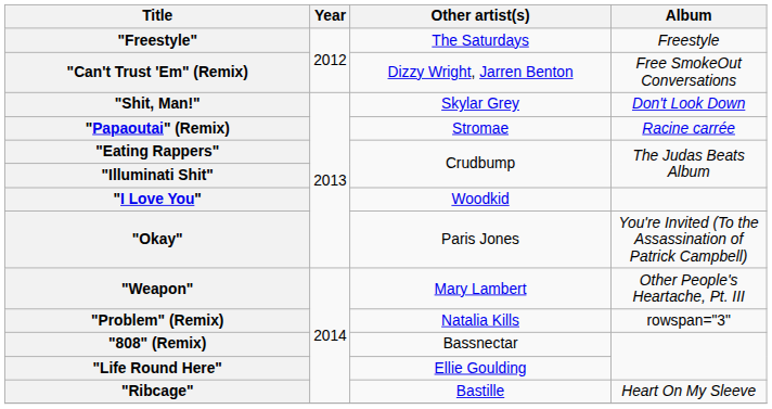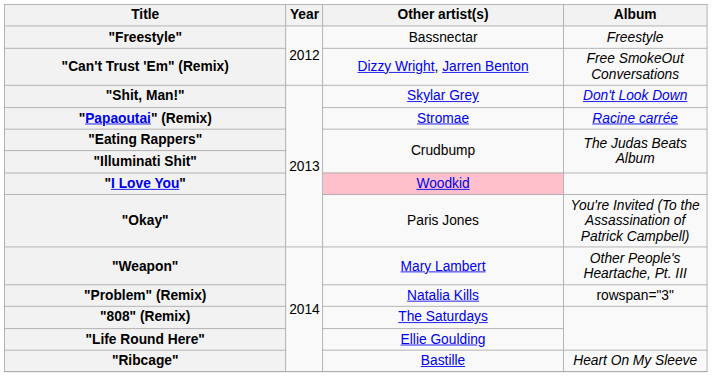 <table class="wikitable plainrowheaders" style="text-align:center;">
 <tr>
 <th scope="col" style="width:20em;">Title</th>
 <th scope="col" style="width:1em;">Year</th>
 <th scope="col" style="width:17em;">Other artist(s)</th>
 <th scope="col" style="width:10em;">Album</th>
 </tr>
 <tr>
 <th scope="row">"Freestyle"</th>
 <td rowspan="2">2012</td>
-<td><a href='#'>The Saturdays</a></td>
+<td>Bassnectar</td>
 <td><em>Freestyle</em></td>
 </tr>
 <tr>
 <th scope="row">"Can't Trust 'Em" (Remix)</th>
 <td><a href='#'>Dizzy Wright</a>, <a href='#'>Jarren Benton</a></td>
 <td><em>Free SmokeOut Conversations</em></td>
 </tr>
 <tr>
 <th scope="row">"Shit, Man!"</th>
 <td rowspan="6">2013</td>
 <td><a href='#'>Skylar Grey</a></td>
 <td><em><a href='#'>Don't Look Down</a></em></td>
 </tr>
 <tr>
 <th scope="row">"<a href='#'>Papaoutai</a>" (Remix)</th>
 <td><a href='#'>Stromae</a></td>
 <td><em><a href='#'>Racine carrée</a></em></td>
 </tr>
 <tr>
 <th scope="row">"Eating Rappers"</th>
 <td rowspan="2">Crudbump</td>
 <td rowspan="2"><em>The Judas Beats Album</em></td>
 </tr>
 <tr>
 <th scope="row">"Illuminati Shit"</th>
 </tr>
 <tr>
 <th scope="row">"<a href='#'>I Love You</a>"</th>
-<td><a href='#'>Woodkid</a></td>
+<td style="background: pink;"><a href='#'>Woodkid</a></td>
 <td></td>
 </tr>
 <tr>
 <th scope="row">"Okay"</th>
 <td>Paris Jones</td>
 <td><em>You're Invited (To the Assassination of Patrick Campbell)</em></td>
 </tr>
 <tr>
 <th scope="row">"Weapon"</th>
 <td rowspan="5">2014</td>
 <td><a href='#'>Mary Lambert</a></td>
 <td><em>Other People's Heartache, Pt. III</em></td>
 </tr>
 <tr>
 <th scope="row">"Problem" (Remix)</th>
 <td><a href='#'>Natalia Kills</a></td>
 <td>rowspan="3" </td>
 </tr>
 <tr>
 <th scope="row">"808" (Remix)</th>
-<td>Bassnectar</td>
+<td><a href='#'>The Saturdays</a></td>
 </tr>
 <tr>
 <th scope="row">"Life Round Here"</th>
 <td><a href='#'>Ellie Goulding</a></td>
 </tr>
 <tr>
 <th scope="row">"Ribcage"</th>
 <td><a href='#'>Bastille</a></td>
 <td><em>Heart On My Sleeve</em></td>
 </tr>
 <tr>
 </tr>
 </table>
